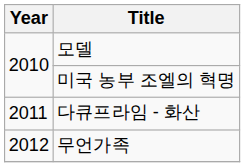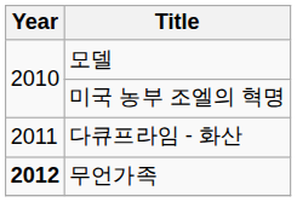 <table class="wikitable">
 <tr>
 <th>Year</th>
 <th>Title</th>
 </tr>
 <tr>
 <td rowspan=2>2010</td>
 <td>모델</td>
 </tr>
 <tr>
 <td>미국 농부 조엘의 혁명</td>
 </tr>
 <tr>
 <td>2011</td>
 <td>다큐프라임 - 화산</td>
 </tr>
 <tr>
-<td>2012</td>
+<td><strong>2012</strong></td>
 <td>무언가족</td>
 </tr>
 <tr>
 </tr>
 </table>
